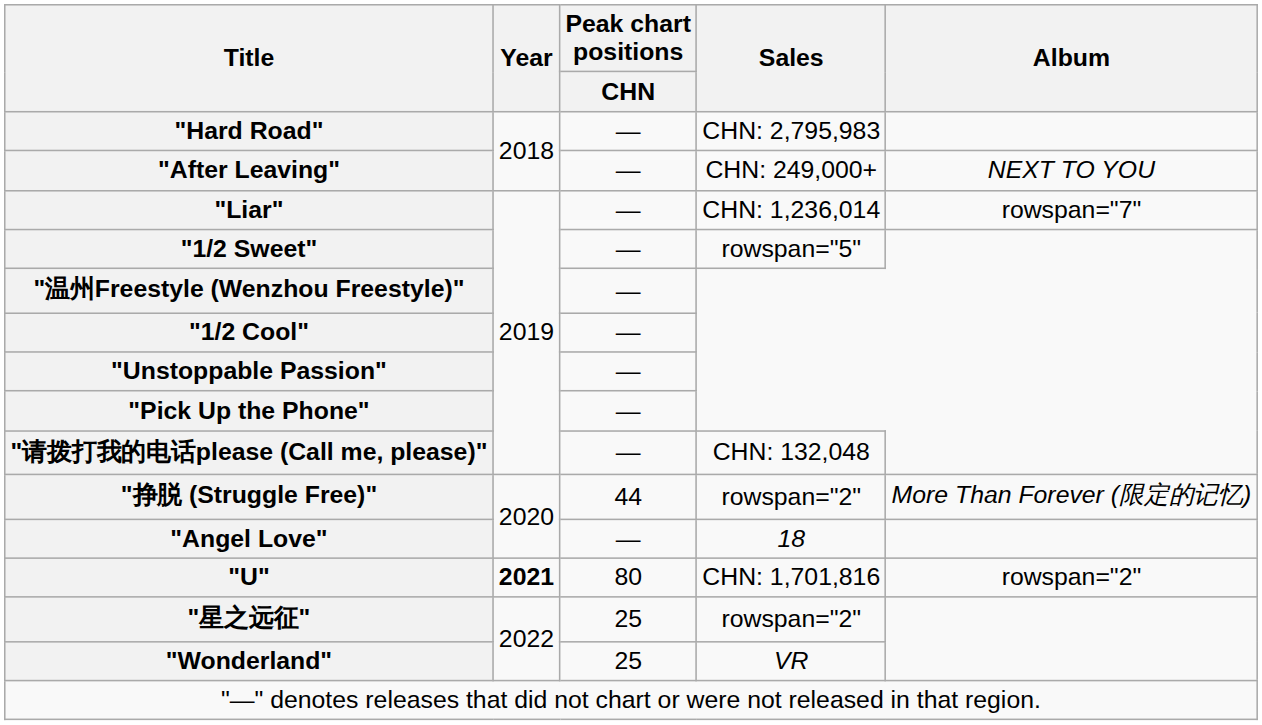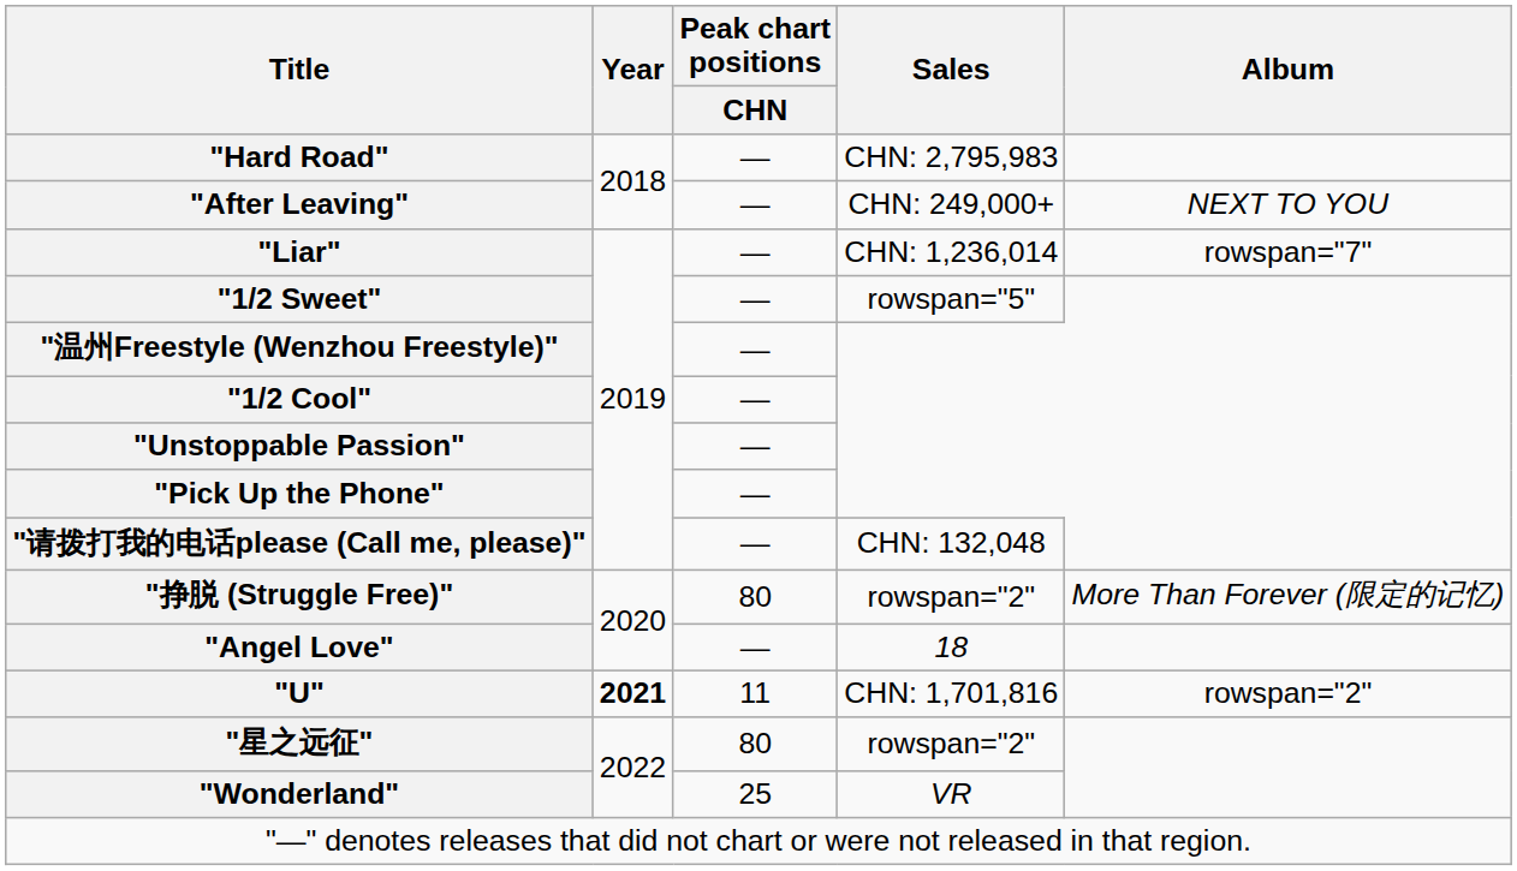 <table class="wikitable plainrowheaders" style="text-align:center;">
 <tr>
 <th rowspan="2" scope="col">Title</th>
 <th rowspan="2" scope="col">Year</th>
 <th>Peak chart <br> positions</th>
 <th rowspan="2">Sales</th>
 <th rowspan="2">Album</th>
 </tr>
 <tr>
 <th>CHN<br></th>
 </tr>
 <tr>
 <th scope="row">"Hard Road"</th>
 <td rowspan="2">2018</td>
 <td>—</td>
 <td>CHN: 2,795,983</td>
 <td></td>
 </tr>
 <tr>
 <th scope="row">"After Leaving"</th>
 <td>—</td>
 <td>CHN: 249,000+</td>
 <td><em>NEXT TO YOU</em> </td>
 </tr>
 <tr>
 <th scope="row">"Liar"</th>
 <td rowspan="7">2019</td>
 <td>—</td>
 <td>CHN: 1,236,014</td>
 <td>rowspan="7" </td>
 </tr>
 <tr>
 <th scope="row">"1/2 Sweet"</th>
 <td>—</td>
 <td>rowspan="5" </td>
 </tr>
 <tr>
 <th scope="row">"温州Freestyle (Wenzhou Freestyle)"</th>
 <td>—</td>
 </tr>
 <tr>
 <th scope="row">"1/2 Cool"</th>
 <td>—</td>
 </tr>
 <tr>
 <th scope="row">"Unstoppable Passion"</th>
 <td>—</td>
 </tr>
 <tr>
 <th scope="row">"Pick Up the Phone"</th>
 <td>—</td>
 </tr>
 <tr>
 <th scope="row">"请拨打我的电话please (Call me, please)"</th>
 <td>—</td>
 <td>CHN: 132,048</td>
 </tr>
 <tr>
 <th scope="row">"挣脱 (Struggle Free)"</th>
 <td rowspan="2">2020</td>
-<td>44</td>
+<td>80</td>
 <td>rowspan="2" </td>
 <td><em>More Than Forever (限定的记忆)</em> </td>
 </tr>
 <tr>
 <th scope="row">"Angel Love"</th>
 <td>—</td>
 <td><em>18</em></td>
 </tr>
 <tr>
 <th scope="row">"U"</th>
 <td><strong>2021</strong></td>
-<td>80</td>
+<td>11</td>
 <td>CHN: 1,701,816</td>
 <td>rowspan="2" </td>
 </tr>
 <tr>
 <th scope="row">"星之远征"</th>
 <td rowspan="2">2022</td>
-<td>25</td>
+<td>80</td>
 <td>rowspan="2" </td>
 </tr>
 <tr>
 <th scope="row">"Wonderland"</th>
 <td>25</td>
 <td><em>VR</em></td>
 </tr>
 <tr>
 <td colspan="5">"—" denotes releases that did not chart or were not released in that region.</td>
 </tr>
 </table>
